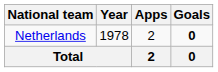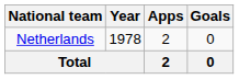 <table class=wikitable style="text-align: center">
 <tr>
 <th>National team</th>
 <th>Year</th>
 <th>Apps</th>
 <th>Goals</th>
 </tr>
 <tr>
 <td><a href='#'>Netherlands</a></td>
 <td>1978</td>
 <td>2</td>
-<td><strong>0</strong></td>
+<td>0</td>
 </tr>
 <tr>
 <th colspan="2">Total</th>
 <th>2</th>
 <th>0</th>
 </tr>
 </table>
